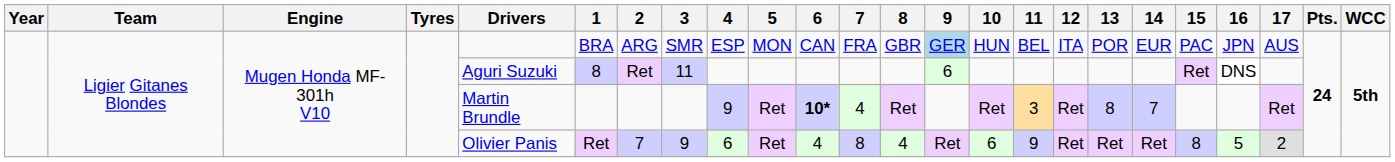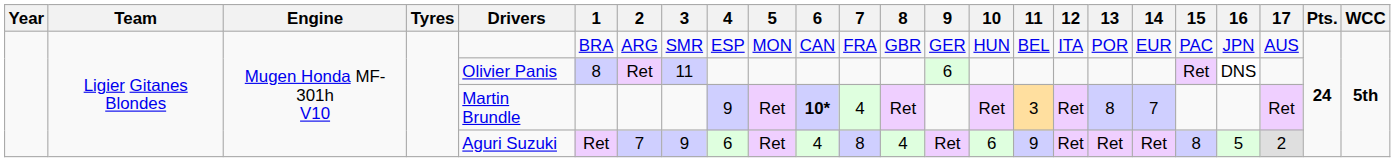 <table class="wikitable" style="text-align:center; font-size:95%">
 <tr>
 <th>Year</th>
 <th>Team</th>
 <th>Engine</th>
 <th>Tyres</th>
 <th>Drivers</th>
 <th>1</th>
 <th>2</th>
 <th>3</th>
 <th>4</th>
 <th>5</th>
 <th>6</th>
 <th>7</th>
 <th>8</th>
 <th>9</th>
 <th>10</th>
 <th>11</th>
 <th>12</th>
 <th>13</th>
 <th>14</th>
 <th>15</th>
 <th>16</th>
 <th>17</th>
 <th>Pts.</th>
 <th>WCC</th>
 </tr>
 <tr>
 <td rowspan="4"></td>
 <td rowspan="4"><a href='#'>Ligier</a> <a href='#'>Gitanes Blondes</a></td>
 <td rowspan="4"><a href='#'>Mugen Honda</a> MF-301h<br><a href='#'>V10</a></td>
 <td rowspan="4"></td>
 <td></td>
 <td><a href='#'>BRA</a></td>
 <td><a href='#'>ARG</a></td>
 <td><a href='#'>SMR</a></td>
 <td><a href='#'>ESP</a></td>
 <td><a href='#'>MON</a></td>
 <td><a href='#'>CAN</a></td>
 <td><a href='#'>FRA</a></td>
 <td><a href='#'>GBR</a></td>
-<td style="background: lightblue;"><a href='#'>GER</a></td>
+<td><a href='#'>GER</a></td>
 <td><a href='#'>HUN</a></td>
 <td><a href='#'>BEL</a></td>
 <td><a href='#'>ITA</a></td>
 <td><a href='#'>POR</a></td>
 <td><a href='#'>EUR</a></td>
 <td><a href='#'>PAC</a></td>
 <td><a href='#'>JPN</a></td>
 <td><a href='#'>AUS</a></td>
 <td rowspan="4"><strong>24</strong></td>
 <td rowspan="4"><strong>5th</strong></td>
 </tr>
 <tr>
-<td align="left"><a href='#'>Aguri Suzuki</a></td>
+<td align="left"><a href='#'>Olivier Panis</a></td>
 <td style="background:#cfcfff;">8</td>
 <td style="background:#efcfff;">Ret</td>
 <td style="background:#cfcfff;">11</td>
 <td></td>
 <td></td>
 <td></td>
 <td></td>
 <td></td>
 <td style="background:#dfffdf;">6</td>
 <td></td>
 <td></td>
 <td></td>
 <td></td>
 <td></td>
 <td style="background:#efcfff;">Ret</td>
 <td style="background:#ffffff;">DNS</td>
 <td></td>
 </tr>
 <tr>
 <td align="left"><a href='#'>Martin Brundle</a></td>
 <td></td>
 <td></td>
 <td></td>
 <td style="background:#cfcfff;">9</td>
 <td style="background:#efcfff;">Ret</td>
 <td style="background:#cfcfff;"><strong>10*</strong></td>
 <td style="background:#dfffdf;">4</td>
 <td style="background:#efcfff;">Ret</td>
 <td></td>
 <td style="background:#efcfff;">Ret</td>
 <td style="background:#ffdf9f;">3</td>
 <td style="background:#efcfff;">Ret</td>
 <td style="background:#cfcfff;">8</td>
 <td style="background:#cfcfff;">7</td>
 <td></td>
 <td></td>
 <td style="background:#efcfff;">Ret</td>
 </tr>
 <tr>
-<td align="left"><a href='#'>Olivier Panis</a></td>
+<td align="left"><a href='#'>Aguri Suzuki</a></td>
 <td style="background:#efcfff;">Ret</td>
 <td style="background:#cfcfff;">7</td>
 <td style="background:#cfcfff;">9</td>
 <td style="background:#dfffdf;">6</td>
 <td style="background:#efcfff;">Ret</td>
 <td style="background:#dfffdf;">4</td>
 <td style="background:#cfcfff;">8</td>
 <td style="background:#dfffdf;">4</td>
 <td style="background:#efcfff;">Ret</td>
 <td style="background:#dfffdf;">6</td>
 <td style="background:#cfcfff;">9</td>
 <td style="background:#efcfff;">Ret</td>
 <td style="background:#efcfff;">Ret</td>
 <td style="background:#efcfff;">Ret</td>
 <td style="background:#cfcfff;">8</td>
 <td style="background:#dfffdf;">5</td>
 <td style="background:#dfdfdf;">2</td>
 </tr>
 </table>
